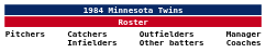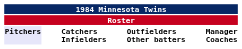 <table class="toccolours" style="font-size: 95%;">
 <tr>
 <th colspan="10" style="background-color: #072764; color: white; text-align: center;">1984 Minnesota Twins</th>
 </tr>
 <tr>
 <td colspan="10" style="background-color: #c6011f; color: white; text-align: center;"><strong>Roster</strong></td>
 </tr>
 <tr>
-<td valign="top"><strong>Pitchers</strong><br>               </td>
+<td valign="top" style="background: lavender;"><strong>Pitchers</strong><br>               </td>
 <td width="25px"></td>
 <td valign="top"><strong>Catchers</strong><br>   <strong>Infielders</strong>         </td>
 <td width="25px"></td>
 <td valign="top"><strong>Outfielders</strong><br>        <strong>Other batters</strong>   </td>
 <td width="25px"></td>
 <td valign="top"><strong>Manager</strong><br> <strong>Coaches</strong>    </td>
 </tr>
 <tr>
 </tr>
 </table>
